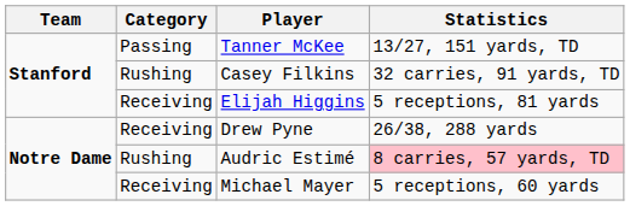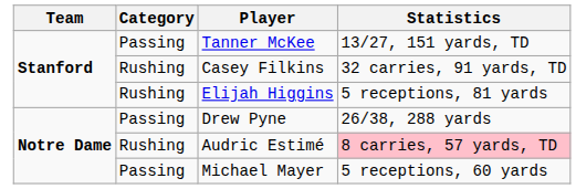 <table class="wikitable" style="float: right;">
 <tr>
 <th>Team</th>
 <th>Category</th>
 <th>Player</th>
 <th>Statistics</th>
 </tr>
 <tr>
 <td rowspan=3><strong>Stanford</strong></td>
 <td>Passing</td>
 <td><a href='#'>Tanner McKee</a></td>
 <td>13/27, 151 yards, TD</td>
 </tr>
 <tr>
 <td>Rushing</td>
 <td>Casey Filkins</td>
 <td>32 carries, 91 yards, TD</td>
 </tr>
 <tr>
-<td>Receiving</td>
+<td>Rushing</td>
 <td><a href='#'>Elijah Higgins</a></td>
 <td>5 receptions, 81 yards</td>
 </tr>
 <tr>
 <td rowspan=3><strong>Notre Dame</strong></td>
-<td>Receiving</td>
+<td>Passing</td>
 <td>Drew Pyne</td>
 <td>26/38, 288 yards</td>
 </tr>
 <tr>
 <td>Rushing</td>
 <td>Audric Estimé</td>
 <td style="background: pink;">8 carries, 57 yards, TD</td>
 </tr>
 <tr>
-<td>Receiving</td>
+<td>Passing</td>
 <td>Michael Mayer</td>
 <td>5 receptions, 60 yards</td>
 </tr>
 </table>
